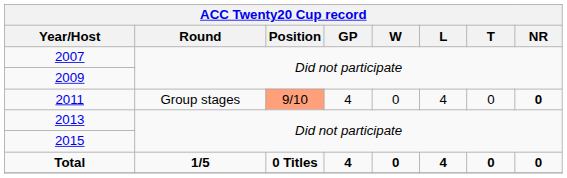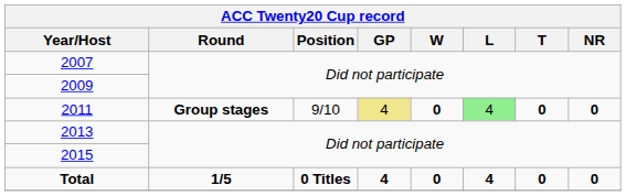 <table class="wikitable" style="text-align: center;">
 <tr>
 <th colspan=8><a href='#'>ACC Twenty20 Cup record</a></th>
 </tr>
 <tr>
 <th width=150>Year/Host</th>
 <th width=150>Round</th>
 <th width=50>Position</th>
 <th width=50>GP</th>
 <th width=50>W</th>
 <th width=50>L</th>
 <th width=50>T</th>
 <th width=50>NR</th>
 </tr>
 <tr>
 <td> <a href='#'>2007</a></td>
 <td colspan="7" rowspan="2"><em>Did not participate</em></td>
 </tr>
 <tr>
 <td> <a href='#'>2009</a></td>
 </tr>
 <tr>
 <td> <a href='#'>2011</a></td>
-<td>Group stages</td>
-<td style="background: lightsalmon;">9/10</td>
-<td>4</td>
-<td>0</td>
-<td>4</td>
-<td>0</td>
+<td><strong>Group stages</strong></td>
+<td>9/10</td>
+<td style="background: khaki;">4</td>
+<td><strong>0</strong></td>
+<td style="background: lightgreen;">4</td>
+<td><strong>0</strong></td>
 <td><strong>0</strong></td>
 </tr>
 <tr>
 <td> <a href='#'>2013</a></td>
 <td colspan="7" rowspan="2"><em>Did not participate</em></td>
 </tr>
 <tr>
 <td> <a href='#'>2015</a></td>
 </tr>
 <tr>
 <td><strong>Total</strong></td>
 <td><strong>1/5</strong></td>
 <td><strong>0 Titles</strong></td>
 <td><strong>4</strong></td>
 <td><strong>0</strong></td>
 <td><strong>4</strong></td>
 <td><strong>0</strong></td>
 <td><strong>0</strong></td>
 </tr>
 <tr>
 </tr>
 </table>
